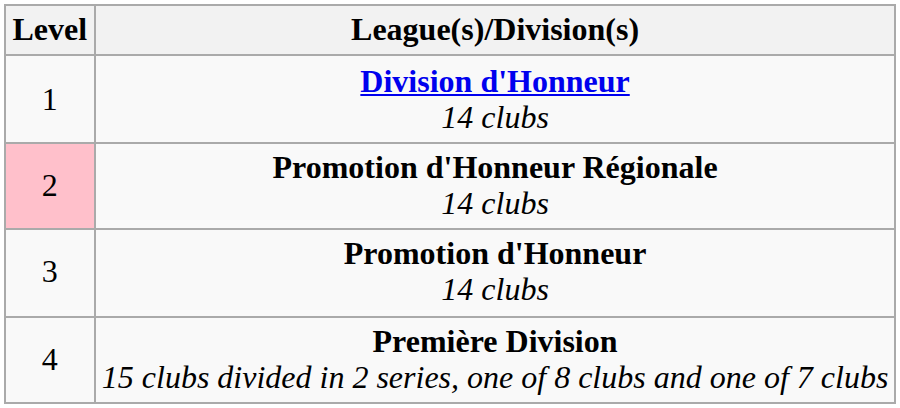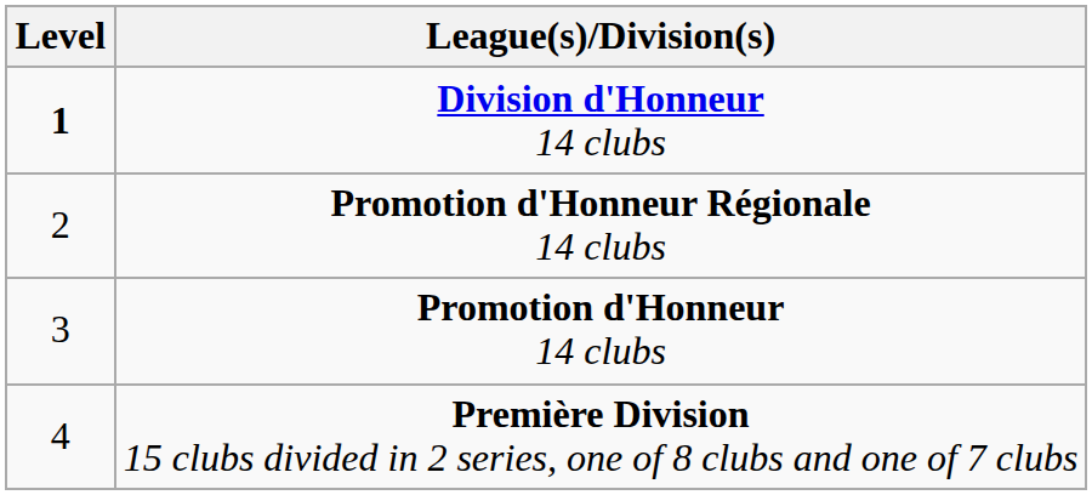 <table class="wikitable" style="text-align: center;">
 <tr>
 <th>Level</th>
 <th colspan="12">League(s)/Division(s)</th>
 </tr>
 <tr>
-<td>1</td>
+<td><strong>1</strong></td>
 <td colspan="12"><strong><a href='#'>Division d'Honneur</a></strong><br><em>14 clubs</em></td>
 </tr>
 <tr>
-<td style="background: pink;">2</td>
+<td>2</td>
 <td colspan="12"><strong>Promotion d'Honneur Régionale</strong><br><em>14 clubs</em></td>
 </tr>
 <tr>
 <td>3</td>
 <td colspan="12"><strong>Promotion d'Honneur</strong><br><em>14 clubs</em></td>
 </tr>
 <tr>
 <td>4</td>
 <td colspan="12"><strong>Première Division</strong><br><em>15 clubs divided in 2 series, one of 8 clubs and one of 7 clubs</em></td>
 </tr>
 </table>
